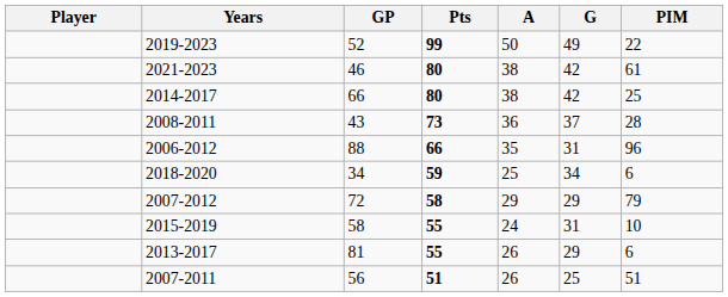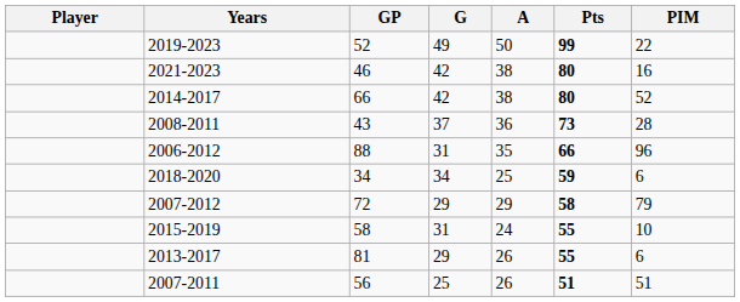 <table class="wikitable sortable" width ="700" cellpadding="1" border="1" cellspacing="0">
 <tr>
 <th>Player</th>
 <th>Years</th>
 <th>GP</th>
+<th>G</th>
+<th>A</th>
 <th>Pts</th>
-<th>A</th>
-<th>G</th>
 <th>PIM</th>
 </tr>
 <tr>
 <td></td>
 <td>2019-2023</td>
 <td>52</td>
+<td>49</td>
+<td>50</td>
 <td><strong>99</strong></td>
-<td>50</td>
-<td>49</td>
 <td>22</td>
 </tr>
 <tr>
 <td></td>
 <td>2021-2023</td>
 <td>46</td>
+<td>42</td>
+<td>38</td>
 <td><strong>80</strong></td>
-<td>38</td>
-<td>42</td>
-<td>61</td>
+<td>16</td>
 </tr>
 <tr>
 <td></td>
 <td>2014-2017</td>
 <td>66</td>
+<td>42</td>
+<td>38</td>
 <td><strong>80</strong></td>
-<td>38</td>
-<td>42</td>
-<td>25</td>
+<td>52</td>
 </tr>
 <tr>
 <td></td>
 <td>2008-2011</td>
 <td>43</td>
+<td>37</td>
+<td>36</td>
 <td><strong>73</strong></td>
-<td>36</td>
-<td>37</td>
 <td>28</td>
 </tr>
 <tr>
 <td></td>
 <td>2006-2012</td>
 <td>88</td>
+<td>31</td>
+<td>35</td>
 <td><strong>66</strong></td>
-<td>35</td>
-<td>31</td>
 <td>96</td>
 </tr>
 <tr>
 <td></td>
 <td>2018-2020</td>
 <td>34</td>
+<td>34</td>
+<td>25</td>
 <td><strong>59</strong></td>
-<td>25</td>
-<td>34</td>
 <td>6</td>
 </tr>
 <tr>
 <td></td>
 <td>2007-2012</td>
 <td>72</td>
-<td><strong>58</strong></td>
 <td>29</td>
 <td>29</td>
+<td><strong>58</strong></td>
 <td>79</td>
 </tr>
 <tr>
 <td></td>
 <td>2015-2019</td>
 <td>58</td>
+<td>31</td>
+<td>24</td>
 <td><strong>55</strong></td>
-<td>24</td>
-<td>31</td>
 <td>10</td>
 </tr>
 <tr>
 <td></td>
 <td>2013-2017</td>
 <td>81</td>
+<td>29</td>
+<td>26</td>
 <td><strong>55</strong></td>
-<td>26</td>
-<td>29</td>
 <td>6</td>
 </tr>
 <tr>
 <td></td>
 <td>2007-2011</td>
 <td>56</td>
+<td>25</td>
+<td>26</td>
 <td><strong>51</strong></td>
-<td>26</td>
-<td>25</td>
 <td>51</td>
 </tr>
 </table>
